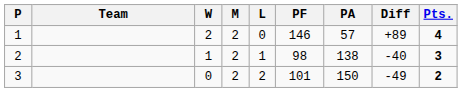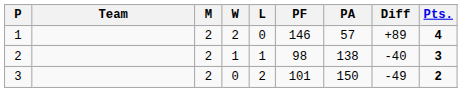 <table class=wikitable style="font-size:90%;">
 <tr align=center>
 <th width=20px>P</th>
 <th width=150px>Team</th>
+<th width=20px>M</th>
 <th width=20px>W</th>
-<th width=20px>M</th>
 <th width=20px>L</th>
 <th width=40px>PF</th>
 <th width=40px>PA</th>
 <th width=40px>Diff</th>
 <th width=30px><a href='#'>Pts.</a></th>
 </tr>
 <tr align=center>
 <td>1</td>
 <td align=left></td>
 <td>2</td>
 <td>2</td>
 <td>0</td>
 <td>146</td>
 <td>57</td>
 <td>+89</td>
 <td><strong>4</strong></td>
 </tr>
 <tr align=center>
 <td>2</td>
 <td align=left></td>
+<td>2</td>
 <td>1</td>
-<td>2</td>
 <td>1</td>
 <td>98</td>
 <td>138</td>
 <td>-40</td>
 <td><strong>3</strong></td>
 </tr>
 <tr align=center>
 <td>3</td>
 <td align=left></td>
+<td>2</td>
 <td>0</td>
-<td>2</td>
 <td>2</td>
 <td>101</td>
 <td>150</td>
 <td>-49</td>
 <td><strong>2</strong></td>
 </tr>
 </table>
